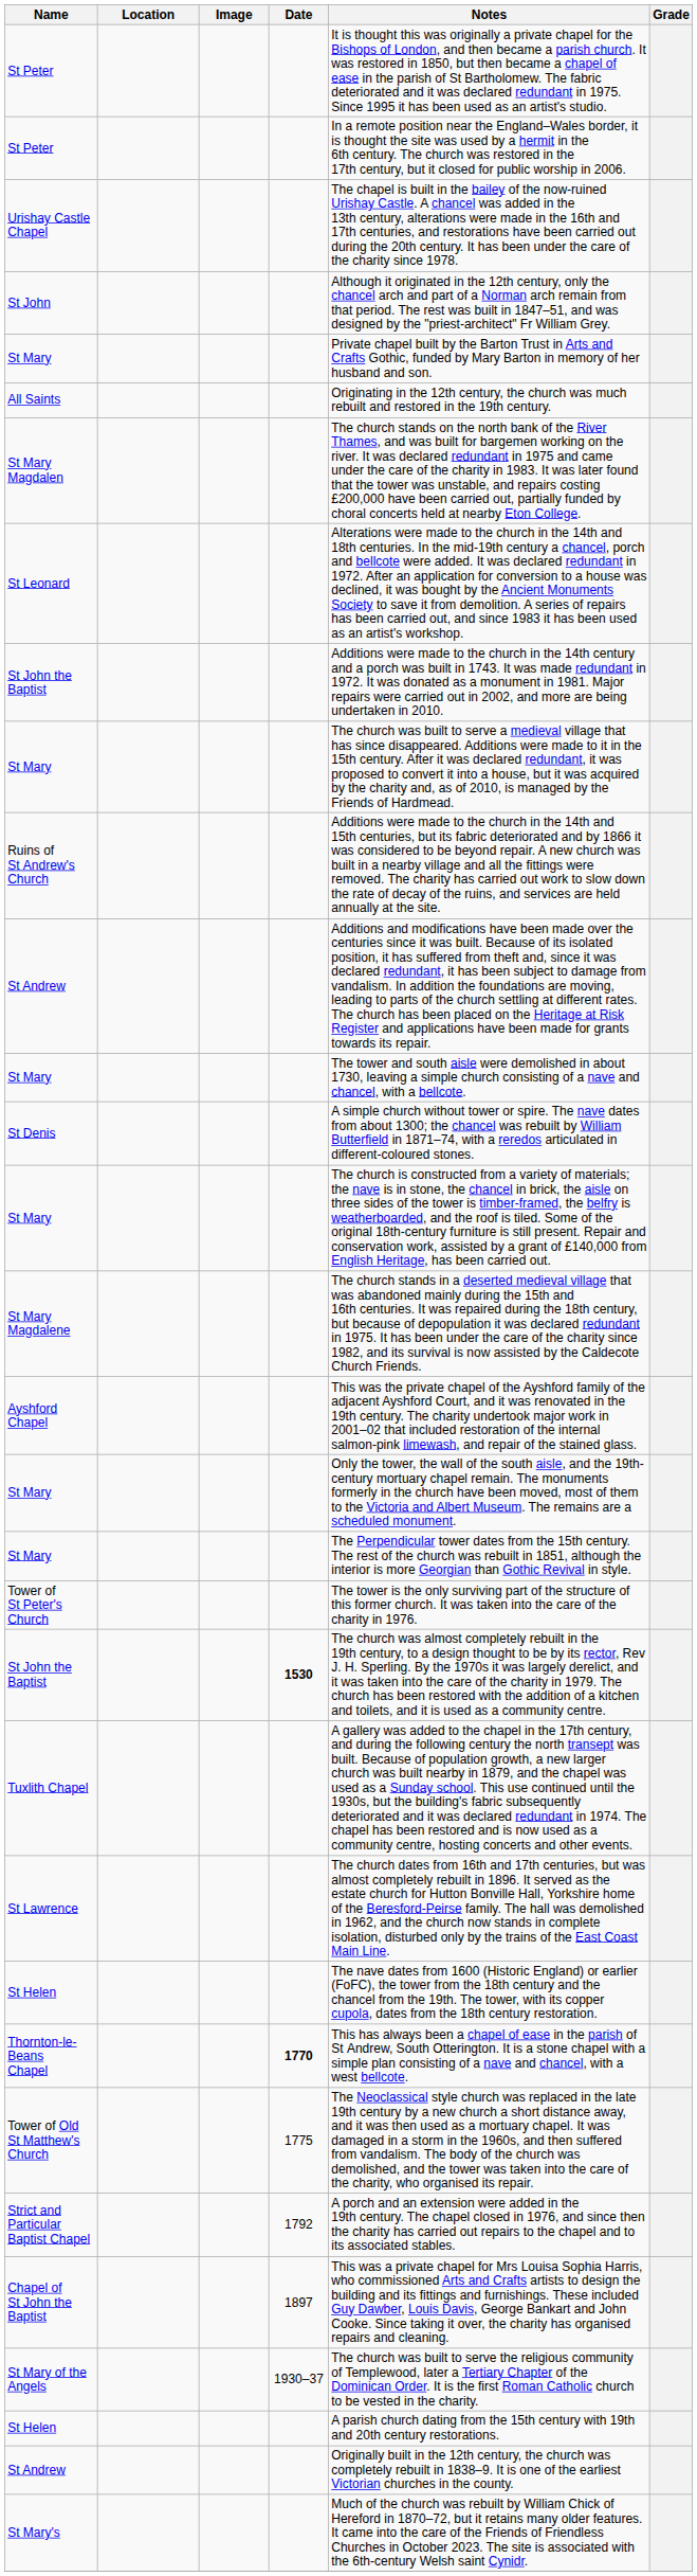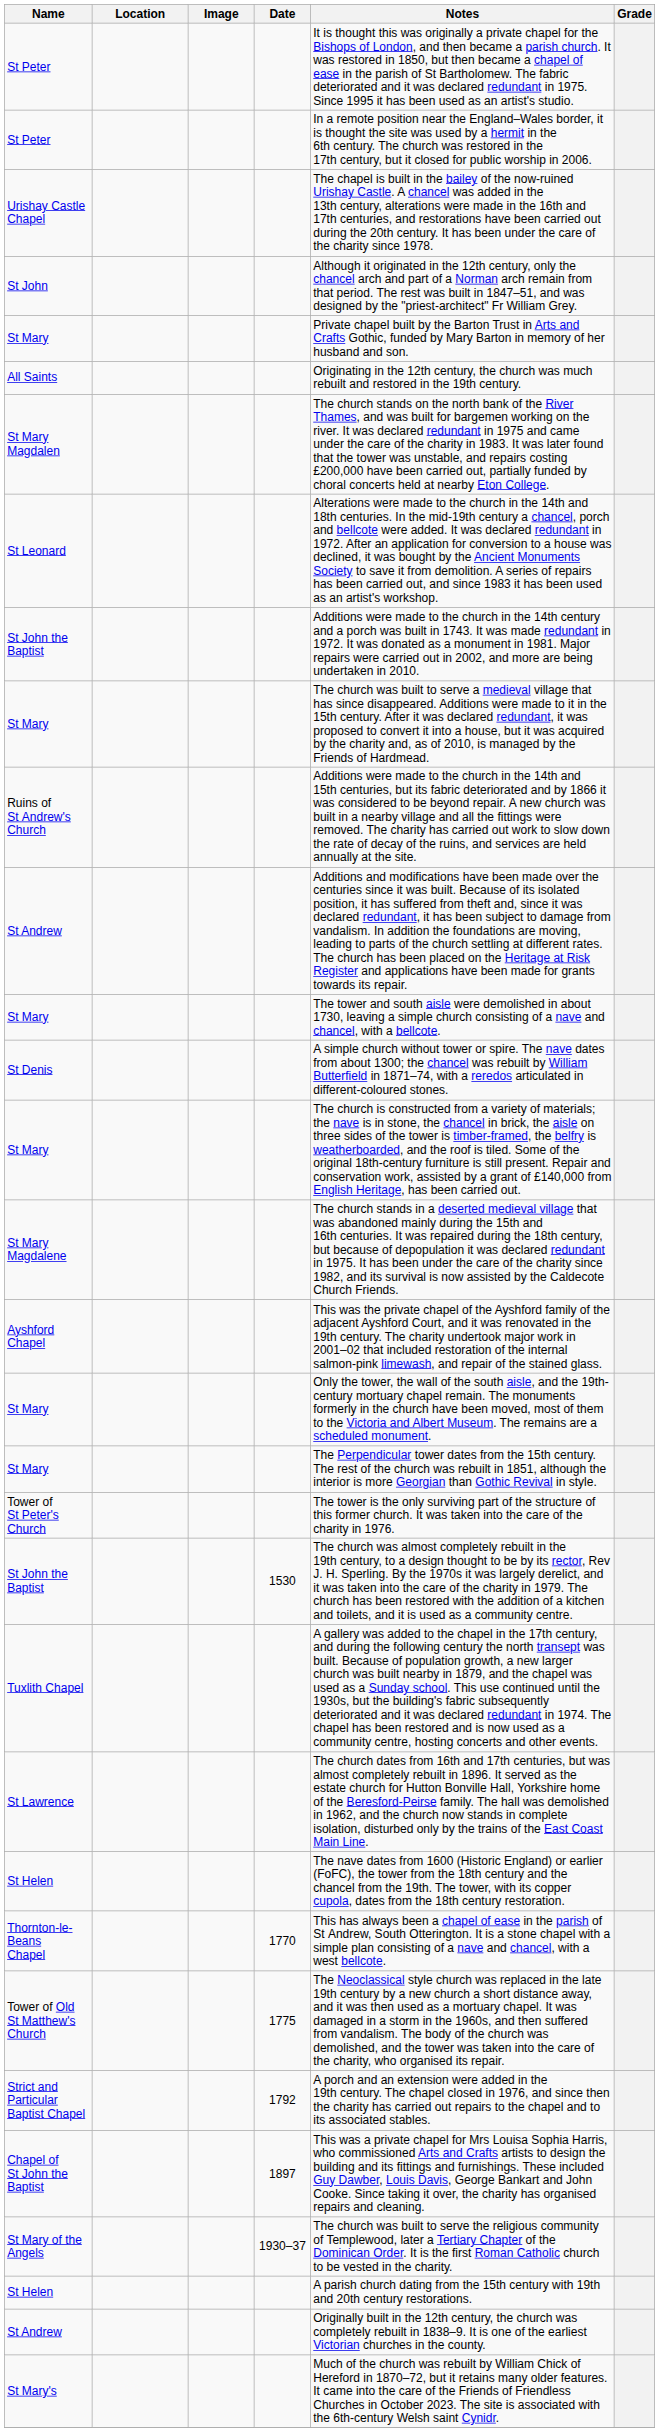 <table class="wikitable sortable">
 <tr>
 <th style="width:120px">Name</th>
 <th style="width:150px">Location</th>
 <th style="width:100px" class="unsortable">Image</th>
 <th style="width:80px">Date</th>
 <th style="width:550px" class="unsortable">Notes</th>
 <th style="width:24px">Grade</th>
 </tr>
 <tr>
 <td><a href='#'>St Peter</a></td>
 <td></td>
 <td></td>
 <td align="center"></td>
 <td>It is thought this was originally a private chapel for the <a href='#'>Bishops of London</a>, and then became a <a href='#'>parish church</a>.  It was restored in 1850, but then became a <a href='#'>chapel of ease</a> in the parish of St Bartholomew.  The fabric deteriorated and it was declared <a href='#'>redundant</a> in 1975.  Since 1995 it has been used as an artist's studio.</td>
 <th></th>
 </tr>
 <tr>
 <td><a href='#'>St Peter</a></td>
 <td></td>
 <td></td>
 <td align="center"></td>
 <td>In a remote position near the England–Wales border, it is thought the site was used by a <a href='#'>hermit</a> in the 6th century.  The church was restored in the 17th century, but it closed for public worship in 2006.</td>
 <th></th>
 </tr>
 <tr>
 <td><a href='#'>Urishay Castle Chapel</a></td>
 <td></td>
 <td></td>
 <td align="center"></td>
 <td>The chapel is built in the <a href='#'>bailey</a> of the now-ruined <a href='#'>Urishay Castle</a>.  A <a href='#'>chancel</a> was added in the 13th century, alterations were made in the 16th and 17th centuries, and restorations have been carried out during the 20th century.  It has been under the care of the charity since 1978.</td>
 <th></th>
 </tr>
 <tr>
 <td><a href='#'>St John</a></td>
 <td></td>
 <td></td>
 <td align="center"></td>
 <td>Although it originated in the 12th century, only the <a href='#'>chancel</a> arch and part of a <a href='#'>Norman</a> arch remain from that period.  The rest was built in 1847–51, and was designed by the "priest-architect" Fr William Grey.</td>
 <th></th>
 </tr>
 <tr>
 <td><a href='#'>St Mary</a></td>
 <td></td>
 <td></td>
 <td align="center"></td>
 <td>Private chapel built by the Barton Trust in <a href='#'>Arts and Crafts</a> Gothic, funded by Mary Barton in memory of her husband and son.</td>
 <th></th>
 </tr>
 <tr>
 <td><a href='#'>All Saints</a></td>
 <td></td>
 <td></td>
 <td align="center"></td>
 <td>Originating in the 12th century, the church was much rebuilt and restored in the 19th century.</td>
 <th></th>
 </tr>
 <tr>
 <td><a href='#'>St Mary Magdalen</a></td>
 <td></td>
 <td></td>
 <td align="center"></td>
 <td>The church stands on the north bank of the <a href='#'>River Thames</a>, and was built for bargemen working on the river.  It was declared <a href='#'>redundant</a> in 1975 and came under the care of the charity in 1983.  It was later found that the tower was unstable, and repairs costing £200,000 have been carried out, partially funded by choral concerts held at nearby <a href='#'>Eton College</a>.</td>
 <th></th>
 </tr>
 <tr>
 <td><a href='#'>St Leonard</a></td>
 <td></td>
 <td></td>
 <td align="center"></td>
 <td>Alterations were made to the church in the 14th and 18th centuries.  In the mid-19th century a <a href='#'>chancel</a>, porch and <a href='#'>bellcote</a> were added.  It was declared <a href='#'>redundant</a> in 1972.  After an application for conversion to a house was declined, it was bought by the <a href='#'>Ancient Monuments Society</a> to save it from demolition.  A series of repairs has been carried out, and since 1983 it has been used as an artist's workshop.</td>
 <th></th>
 </tr>
 <tr>
 <td><a href='#'>St John the Baptist</a></td>
 <td></td>
 <td></td>
 <td align="center"></td>
 <td>Additions were made to the church in the 14th century and a porch was built in 1743.  It was made <a href='#'>redundant</a> in 1972.  It was donated as a monument in 1981.  Major repairs were carried out in 2002, and more are being undertaken in 2010.</td>
 <th></th>
 </tr>
 <tr>
 <td><a href='#'>St Mary</a></td>
 <td></td>
 <td></td>
 <td align="center"></td>
 <td>The church was built to serve a <a href='#'>medieval</a> village that has since disappeared.  Additions were made to it in the 15th century.  After it was declared <a href='#'>redundant</a>, it was proposed to convert it into a house, but it was acquired by the charity and, as of 2010, is managed by the Friends of Hardmead.</td>
 <th></th>
 </tr>
 <tr>
 <td>Ruins of <a href='#'>St Andrew's Church</a></td>
 <td></td>
 <td></td>
 <td align="center"></td>
 <td>Additions were made to the church in the 14th and 15th centuries, but its fabric deteriorated and by 1866 it was considered to be beyond repair.  A new church was built in a nearby village and all the fittings were removed.  The charity has carried out work to slow down the rate of decay of the ruins, and services are held annually at the site.</td>
 <th></th>
 </tr>
 <tr>
 <td><a href='#'>St Andrew</a></td>
 <td></td>
 <td></td>
 <td align="center"></td>
 <td>Additions and modifications have been made over the centuries since it was built.  Because of its isolated position, it has suffered from theft and, since it was declared <a href='#'>redundant</a>, it has been subject to damage from vandalism.  In addition the foundations are moving, leading to parts of the church settling at different rates.  The church has been placed on the <a href='#'>Heritage at Risk Register</a> and applications have been made for grants towards its repair.</td>
 <th></th>
 </tr>
 <tr>
 <td><a href='#'>St Mary</a></td>
 <td></td>
 <td></td>
 <td align="center"></td>
 <td>The tower and south <a href='#'>aisle</a> were demolished in about 1730, leaving a simple church consisting of a <a href='#'>nave</a> and <a href='#'>chancel</a>, with a <a href='#'>bellcote</a>.</td>
 <th></th>
 </tr>
 <tr>
 <td><a href='#'>St Denis</a></td>
 <td></td>
 <td></td>
 <td align="center"></td>
 <td>A simple church without tower or spire. The <a href='#'>nave</a> dates from about 1300; the <a href='#'>chancel</a> was rebuilt by <a href='#'>William Butterfield</a> in 1871–74, with a <a href='#'>reredos</a> articulated in different-coloured stones.</td>
 <th></th>
 </tr>
 <tr>
 <td><a href='#'>St Mary</a></td>
 <td></td>
 <td></td>
 <td align="center"></td>
 <td>The church is constructed from a variety of materials; the <a href='#'>nave</a> is in stone, the <a href='#'>chancel</a> in brick, the <a href='#'>aisle</a> on three sides of the tower is <a href='#'>timber-framed</a>, the <a href='#'>belfry</a> is <a href='#'>weatherboarded</a>, and the roof is tiled.  Some of the original 18th-century furniture is still present.  Repair and conservation work, assisted by a grant of £140,000 from <a href='#'>English Heritage</a>, has been carried out.</td>
 <th></th>
 </tr>
 <tr>
 <td><a href='#'>St Mary Magdalene</a></td>
 <td></td>
 <td></td>
 <td align="center"></td>
 <td>The church stands in a <a href='#'>deserted medieval village</a> that was abandoned mainly during the 15th and 16th centuries.  It was repaired during the 18th century, but because of depopulation it was declared <a href='#'>redundant</a> in 1975.  It has been under the care of the charity since 1982, and its survival is now assisted by the Caldecote Church Friends.</td>
 <th></th>
 </tr>
 <tr>
 <td><a href='#'>Ayshford Chapel</a></td>
 <td></td>
 <td></td>
 <td align="center"></td>
 <td>This was the private chapel of the Ayshford family of the adjacent Ayshford Court, and it was renovated in the 19th century.  The charity undertook major work in 2001–02 that included restoration of the internal salmon-pink <a href='#'>limewash</a>, and repair of the stained glass.</td>
 <th></th>
 </tr>
 <tr>
 <td><a href='#'>St Mary</a></td>
 <td></td>
 <td></td>
 <td align="center"></td>
 <td>Only the tower, the wall of the south <a href='#'>aisle</a>, and the 19th-century mortuary chapel remain.  The monuments formerly in the church have been moved, most of them to the <a href='#'>Victoria and Albert Museum</a>.  The remains are a <a href='#'>scheduled monument</a>.</td>
 <th></th>
 </tr>
 <tr>
 <td><a href='#'>St Mary</a></td>
 <td></td>
 <td></td>
 <td align="center"></td>
 <td>The <a href='#'>Perpendicular</a> tower dates from the 15th century.  The rest of the church was rebuilt in 1851, although the interior is more <a href='#'>Georgian</a> than <a href='#'>Gothic Revival</a> in style.</td>
 <th></th>
 </tr>
 <tr>
 <td>Tower of <a href='#'>St Peter's Church</a></td>
 <td></td>
 <td></td>
 <td align="center"></td>
 <td>The tower is the only surviving part of the structure of this former church.  It was taken into the care of the charity in 1976.</td>
 <th></th>
 </tr>
 <tr>
 <td><a href='#'>St John the Baptist</a></td>
 <td></td>
 <td></td>
-<td align="center"><strong>1530</strong></td>
+<td align="center">1530</td>
 <td>The church was almost completely rebuilt in the 19th century, to a design thought to be by its <a href='#'>rector</a>, Rev J. H. Sperling.  By the 1970s it was largely derelict, and it was taken into the care of the charity in 1979.  The church has been restored with the addition of a kitchen and toilets, and it is used as a community centre.</td>
 <th></th>
 </tr>
 <tr>
 <td><a href='#'>Tuxlith Chapel</a></td>
 <td></td>
 <td></td>
 <td align="center"></td>
 <td>A gallery was added to the chapel in the 17th century, and during the following century the north <a href='#'>transept</a> was built.  Because of population growth, a new larger church was built nearby in 1879, and the chapel was used as a <a href='#'>Sunday school</a>.  This use continued until the 1930s, but the building's fabric subsequently deteriorated and it was declared <a href='#'>redundant</a> in 1974.  The chapel has been restored and is now used as a community centre, hosting concerts and other events.</td>
 <th></th>
 </tr>
 <tr>
 <td><a href='#'>St Lawrence</a></td>
 <td></td>
 <td></td>
 <td align="center"></td>
 <td>The church dates from 16th and 17th centuries, but was almost completely rebuilt in 1896. It served as the estate church for Hutton Bonville Hall, Yorkshire home of the <a href='#'>Beresford-Peirse</a> family. The hall was demolished in 1962, and the church now stands in complete isolation, disturbed only by the trains of the <a href='#'>East Coast Main Line</a>.</td>
 <th></th>
 </tr>
 <tr>
 <td><a href='#'>St Helen</a></td>
 <td></td>
 <td></td>
 <td align="center"></td>
 <td>The nave dates from 1600 (Historic England) or earlier (FoFC), the tower from the 18th century and the chancel from the 19th. The tower, with its copper <a href='#'>cupola</a>, dates from the 18th century restoration.</td>
 <th></th>
 </tr>
 <tr>
 <td><a href='#'>Thornton-le-Beans<br>Chapel</a></td>
 <td></td>
 <td></td>
-<td align="center"><strong>1770</strong></td>
+<td align="center">1770</td>
 <td>This has always been a <a href='#'>chapel of ease</a> in the <a href='#'>parish</a> of St Andrew, South Otterington.  It is a stone chapel with a simple plan consisting of a <a href='#'>nave</a> and <a href='#'>chancel</a>, with a west <a href='#'>bellcote</a>.</td>
 <th></th>
 </tr>
 <tr>
 <td>Tower of <a href='#'>Old St Matthew's Church</a></td>
 <td></td>
 <td></td>
 <td align="center">1775</td>
 <td>The <a href='#'>Neoclassical</a> style church was replaced in the late 19th century by a new church a short distance away, and it was then used as a mortuary chapel.  It was damaged in a storm in the 1960s, and then suffered from vandalism.  The body of the church was demolished, and the tower was taken into the care of the charity, who organised its repair.</td>
 <th></th>
 </tr>
 <tr>
 <td><a href='#'>Strict and Particular Baptist Chapel</a></td>
 <td></td>
 <td></td>
 <td align="center">1792</td>
 <td>A porch and an extension were added in the 19th century.  The chapel closed in 1976, and since then the charity has carried out repairs to the chapel and to its associated stables.</td>
 <th></th>
 </tr>
 <tr>
 <td><a href='#'>Chapel of St John the Baptist</a></td>
 <td></td>
 <td></td>
 <td align="center">1897</td>
 <td>This was a private chapel for Mrs Louisa Sophia Harris, who commissioned <a href='#'>Arts and Crafts</a> artists to design the building and its fittings and furnishings.  These included <a href='#'>Guy Dawber</a>, <a href='#'>Louis Davis</a>, George Bankart and John Cooke.  Since taking it over, the charity has organised repairs and cleaning.</td>
 <th></th>
 </tr>
 <tr>
 <td><a href='#'>St Mary of the Angels</a></td>
 <td></td>
 <td></td>
 <td align="center">1930–37</td>
 <td>The church was built to serve the religious community of Templewood, later a <a href='#'>Tertiary Chapter</a> of the <a href='#'>Dominican Order</a>.  It is the first <a href='#'>Roman Catholic</a> church to be vested in the charity.</td>
 <th></th>
 </tr>
 <tr>
 <td><a href='#'>St Helen</a></td>
 <td></td>
 <td></td>
 <td align="center"></td>
 <td>A parish church dating from the 15th century with 19th and 20th century restorations.</td>
 <th></th>
 </tr>
 <tr>
 <td><a href='#'>St Andrew</a></td>
 <td></td>
 <td></td>
 <td align="center"></td>
 <td>Originally built in the 12th century, the church was completely rebuilt in 1838–9. It is one of the earliest <a href='#'>Victorian</a> churches in the county.</td>
 <th></th>
 </tr>
 <tr>
 <td><a href='#'>St Mary's</a></td>
 <td></td>
 <td></td>
 <td align="center"></td>
 <td>Much of the church was rebuilt by William Chick of Hereford in 1870–72, but it retains many older features.  It came into the care of the Friends of Friendless Churches in October 2023. The site is associated with the  6th-century Welsh saint <a href='#'>Cynidr</a>.</td>
 <th></th>
 </tr>
 <tr>
 </tr>
 </table>
